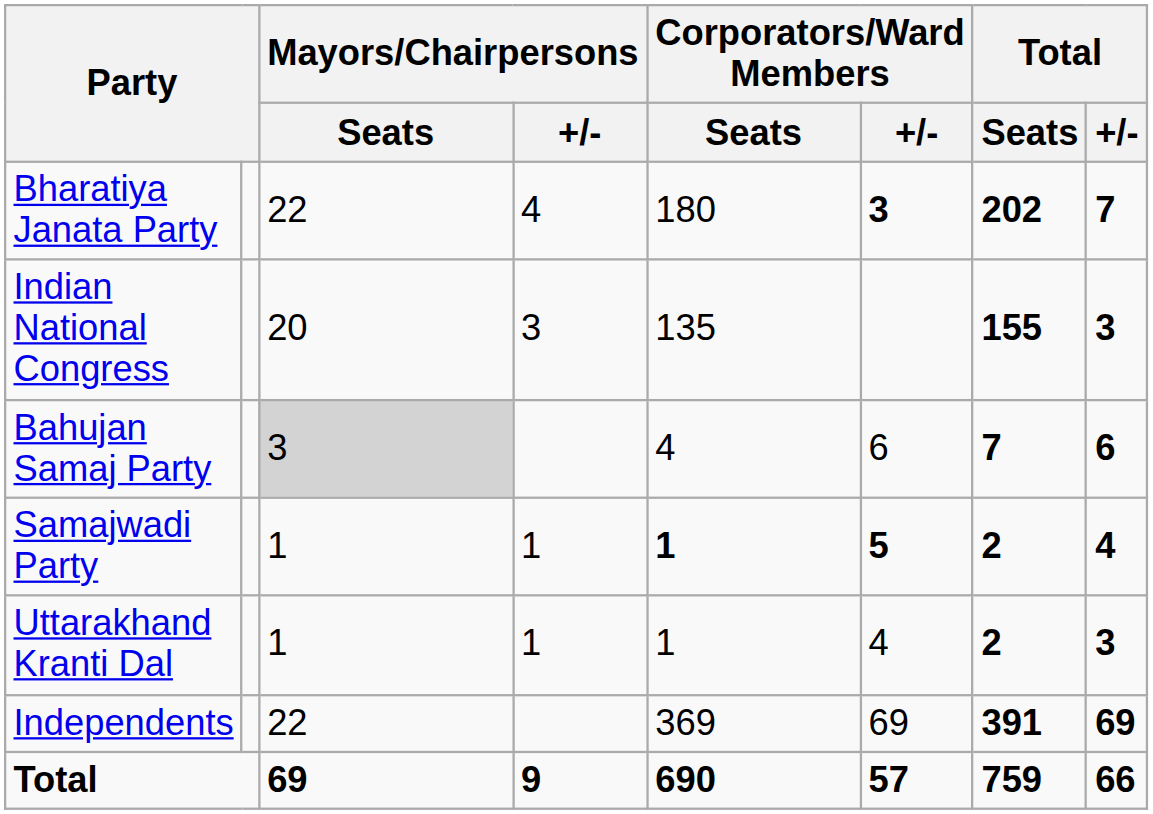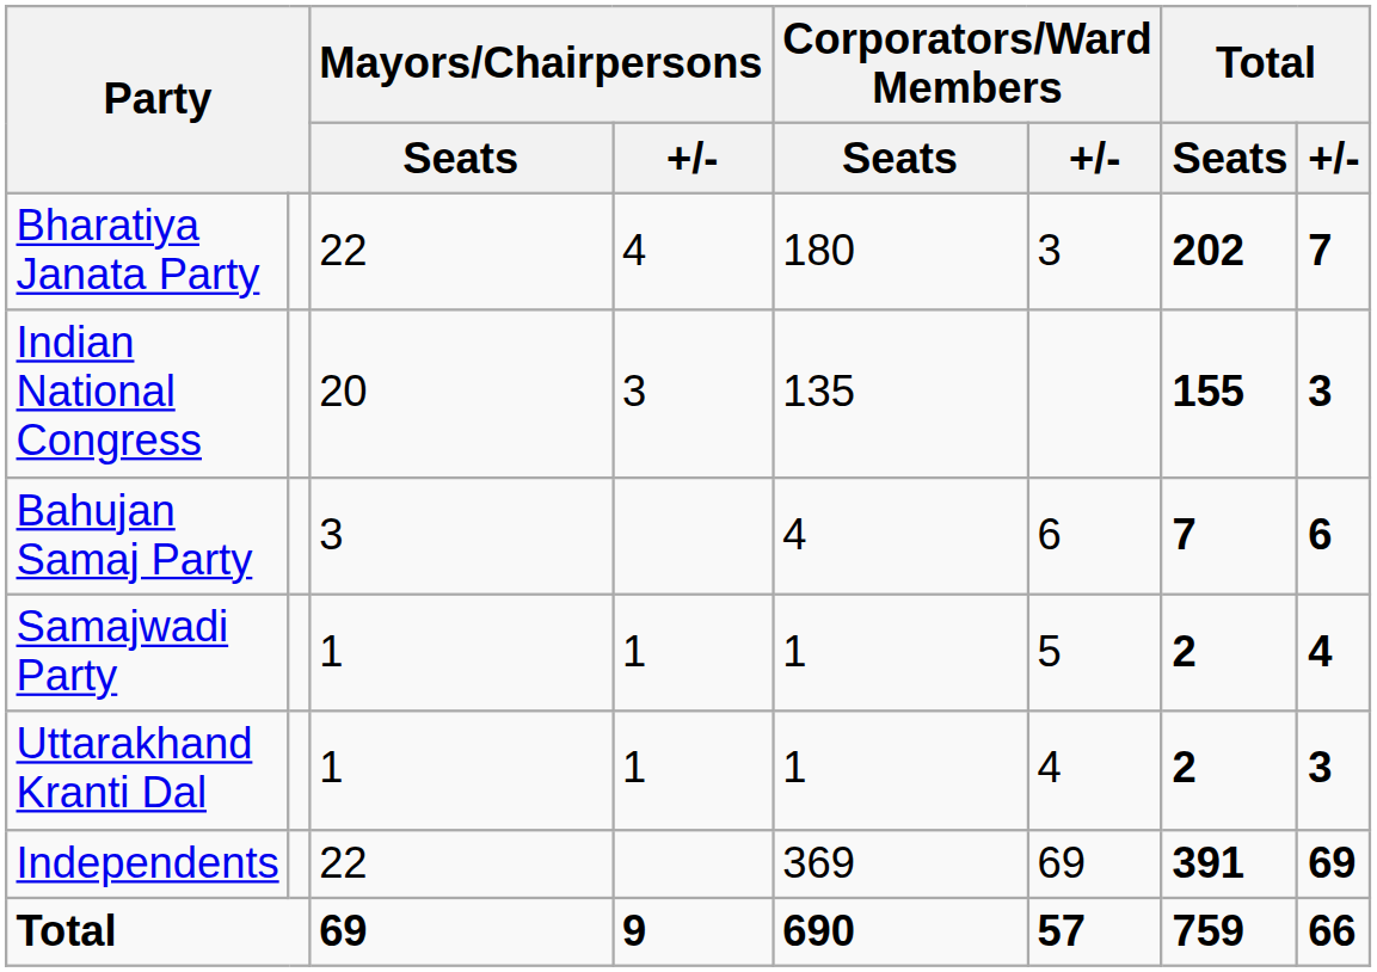 <table width="40%" cellpadding="2" cellspacing="0" border="1" style="border-collapse: collapse; border: 2px black; font-size: x-big; font-family: arial" class="wikitable sortable">
 <tr>
 <th rowspan=2; colspan=2>Party</th>
 <th colspan=2>Mayors/Chairpersons</th>
 <th colspan=2>Corporators/Ward Members</th>
 <th colspan=2>Total</th>
 </tr>
 <tr>
 <th>Seats</th>
 <th>+/-</th>
 <th>Seats</th>
 <th>+/-</th>
 <th>Seats</th>
 <th>+/-</th>
 </tr>
 <tr>
 <td><a href='#'>Bharatiya Janata Party</a></td>
 <td width="4px" style="background-color: "></td>
 <td>22</td>
 <td> 4</td>
 <td>180</td>
-<td><strong> 3</strong></td>
+<td> 3</td>
 <td><strong>202</strong></td>
 <td> <strong>7</strong></td>
 </tr>
 <tr>
 <td><a href='#'>Indian National Congress</a></td>
 <td width="4px" style="background-color: "></td>
 <td>20</td>
 <td> 3</td>
 <td>135</td>
 <td></td>
 <td><strong>155</strong></td>
 <td> <strong>3</strong></td>
 </tr>
 <tr>
 <td><a href='#'>Bahujan Samaj Party</a></td>
 <td width="4px" style="background-color: "></td>
-<td style="background: lightgrey;">3</td>
+<td>3</td>
 <td></td>
 <td>4</td>
 <td> 6</td>
 <td><strong>7</strong></td>
 <td> <strong>6</strong></td>
 </tr>
 <tr>
 <td><a href='#'>Samajwadi Party</a></td>
 <td width="4px" style="background-color: "></td>
 <td>1</td>
 <td> 1</td>
-<td><strong>1</strong></td>
-<td><strong> 5</strong></td>
+<td>1</td>
+<td> 5</td>
 <td><strong>2</strong></td>
 <td> <strong>4</strong></td>
 </tr>
 <tr>
 <td><a href='#'>Uttarakhand Kranti Dal</a></td>
 <td width="4px" style="background-color: "></td>
 <td>1</td>
 <td> 1</td>
 <td>1</td>
 <td> 4</td>
 <td><strong>2</strong></td>
 <td> <strong>3</strong></td>
 </tr>
 <tr>
 <td><a href='#'>Independents</a></td>
 <td width="4px" style="background-color: "></td>
 <td>22</td>
 <td></td>
 <td>369</td>
 <td> 69</td>
 <td><strong>391</strong></td>
 <td> <strong>69</strong></td>
 </tr>
 <tr>
 <td colspan=2><strong>Total</strong></td>
 <td><strong>69</strong></td>
 <td> <strong>9</strong></td>
 <td><strong>690</strong></td>
 <td> <strong>57</strong></td>
 <td><strong>759</strong></td>
 <td> <strong>66</strong></td>
 </tr>
 </table>
